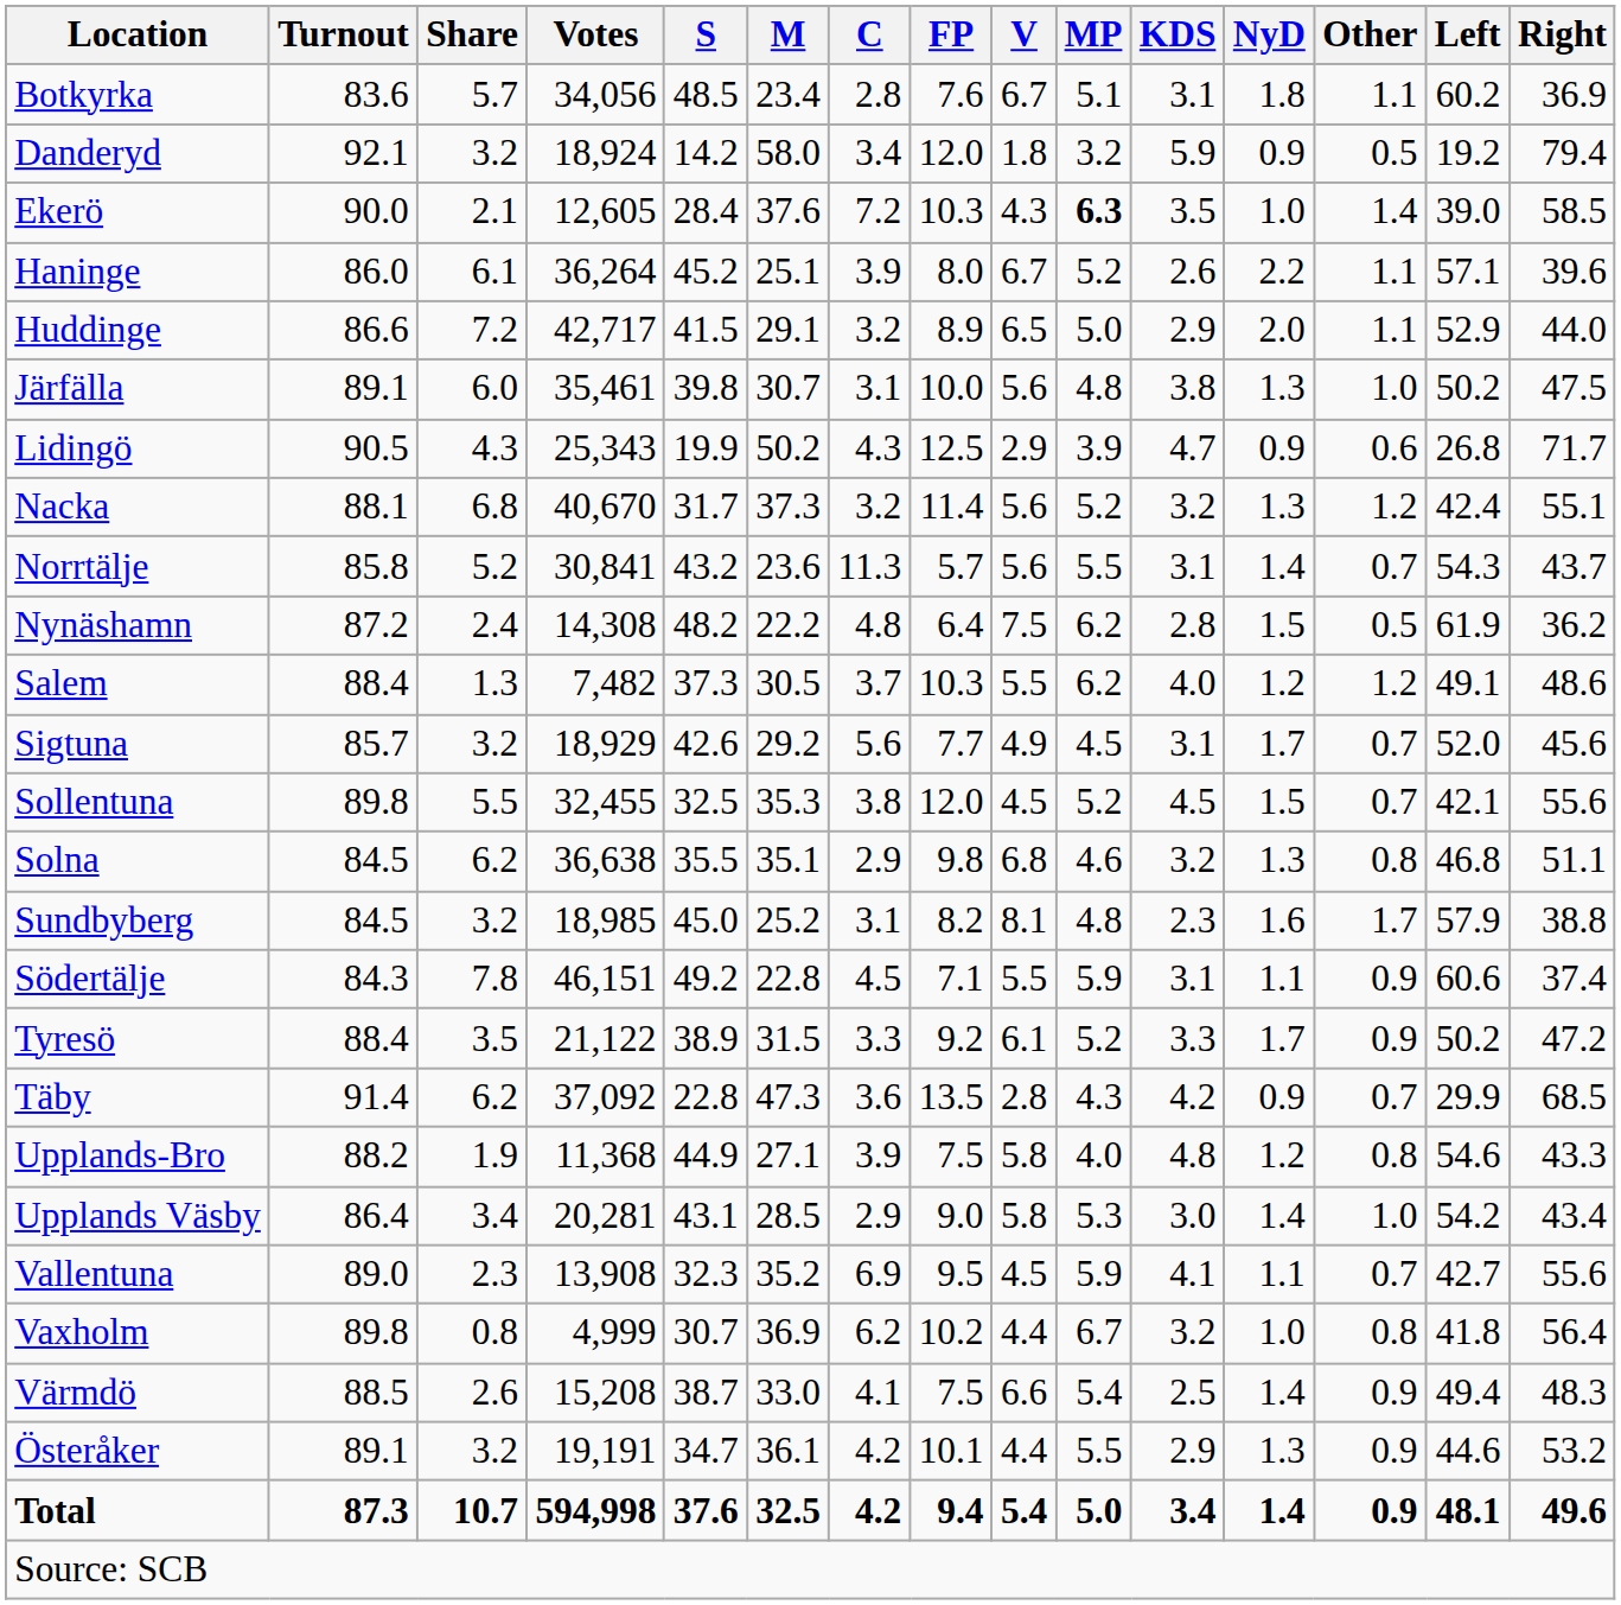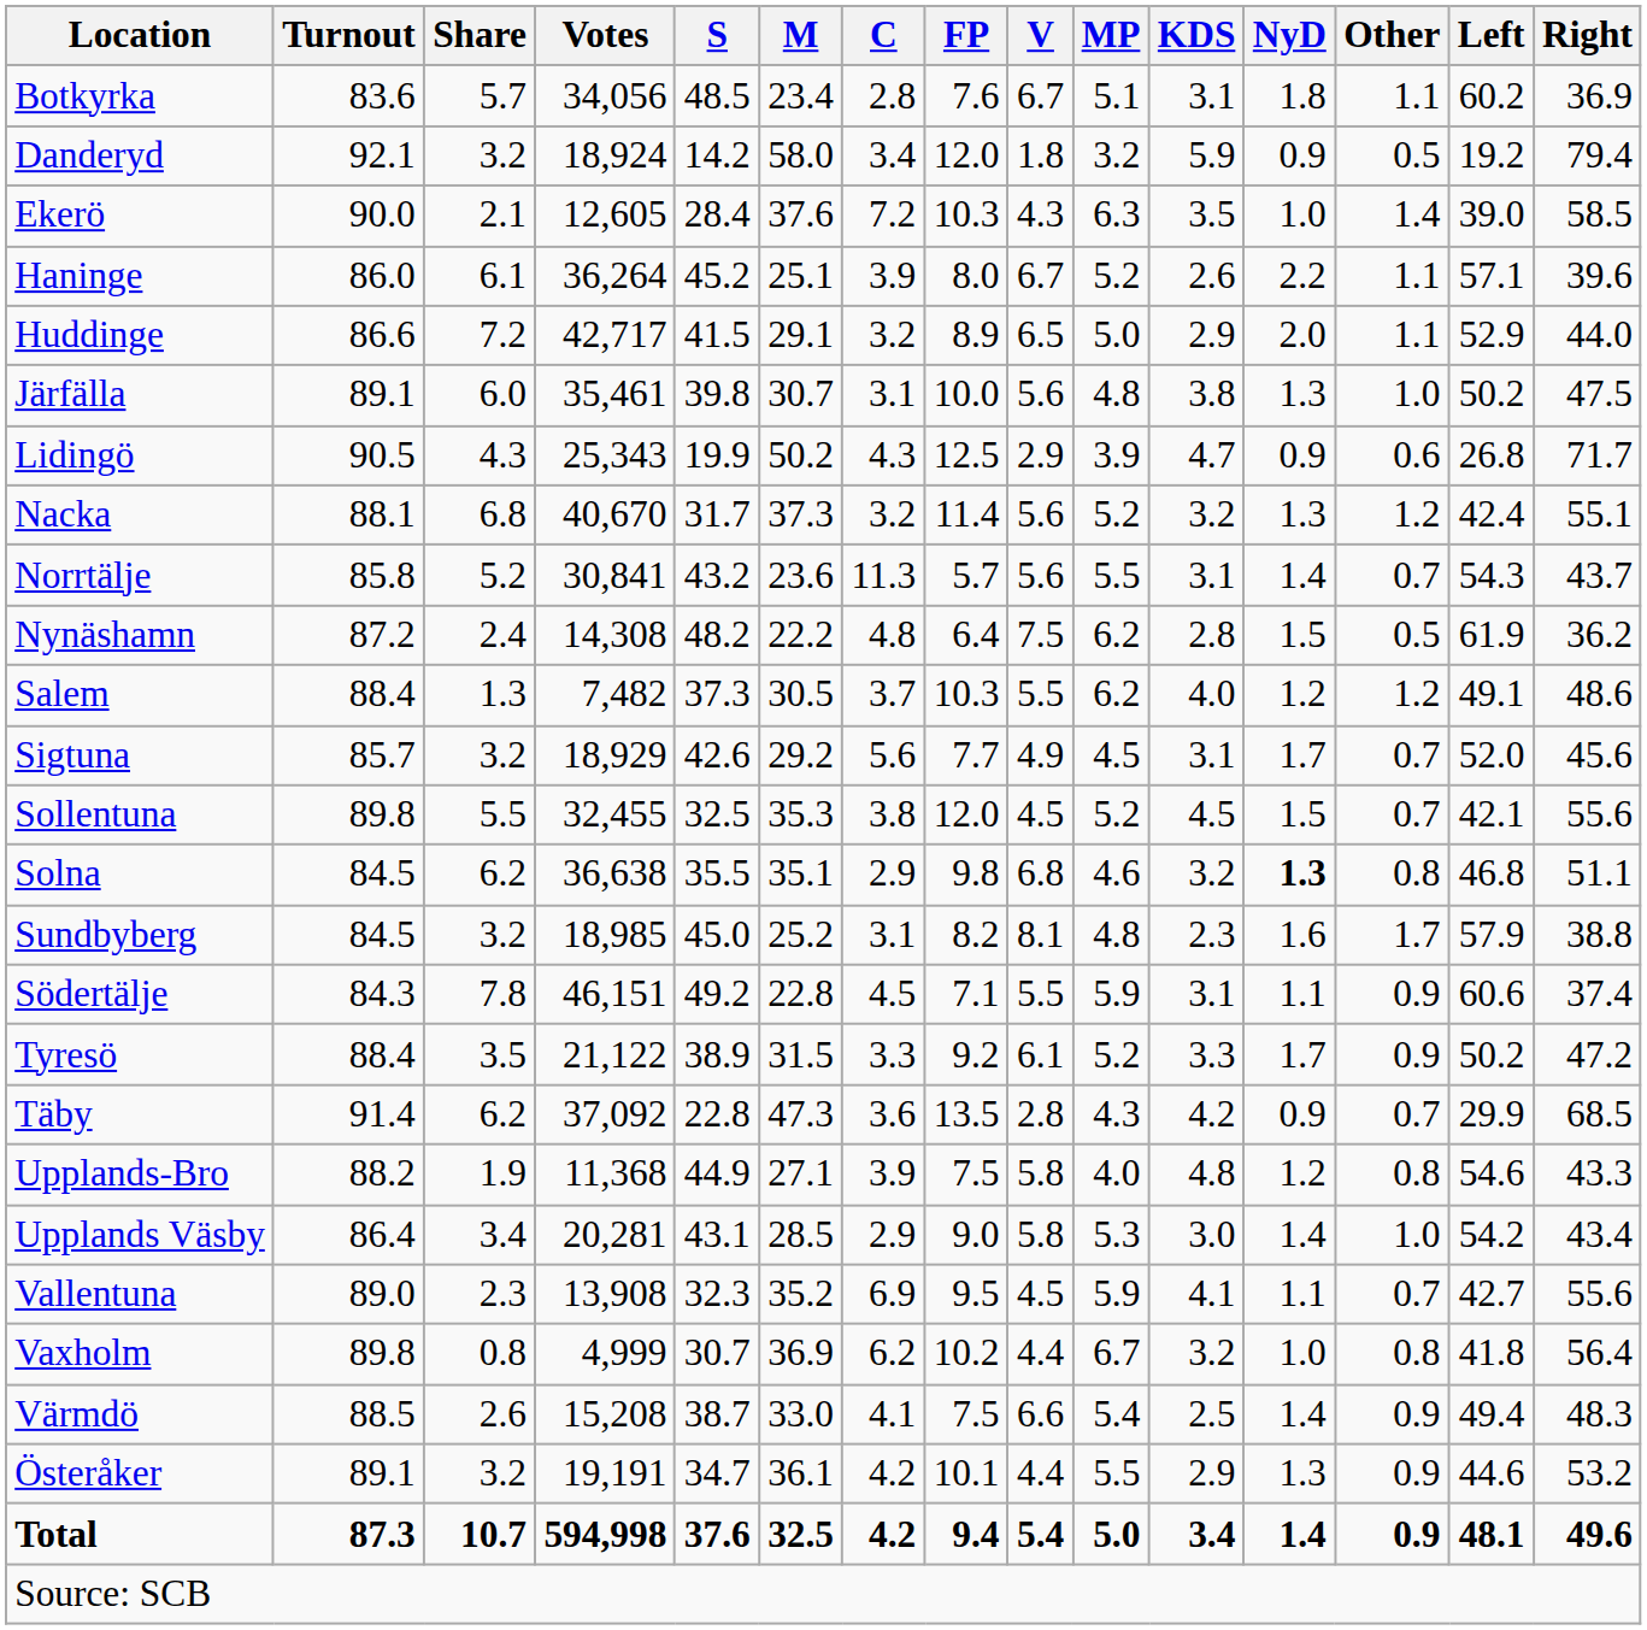 <table class="wikitable sortable" style=text-align:right>
 <tr>
 <th>Location</th>
 <th>Turnout</th>
 <th>Share</th>
 <th>Votes</th>
 <th><a href='#'>S</a></th>
 <th><a href='#'>M</a></th>
 <th><a href='#'>C</a></th>
 <th><a href='#'>FP</a></th>
 <th><a href='#'>V</a></th>
 <th><a href='#'>MP</a></th>
 <th><a href='#'>KDS</a></th>
 <th><a href='#'>NyD</a></th>
 <th>Other</th>
 <th>Left</th>
 <th>Right</th>
 </tr>
 <tr>
 <td align=left><a href='#'>Botkyrka</a></td>
 <td>83.6</td>
 <td>5.7</td>
 <td>34,056</td>
 <td>48.5</td>
 <td>23.4</td>
 <td>2.8</td>
 <td>7.6</td>
 <td>6.7</td>
 <td>5.1</td>
 <td>3.1</td>
 <td>1.8</td>
 <td>1.1</td>
 <td>60.2</td>
 <td>36.9</td>
 </tr>
 <tr>
 <td align=left><a href='#'>Danderyd</a></td>
 <td>92.1</td>
 <td>3.2</td>
 <td>18,924</td>
 <td>14.2</td>
 <td>58.0</td>
 <td>3.4</td>
 <td>12.0</td>
 <td>1.8</td>
 <td>3.2</td>
 <td>5.9</td>
 <td>0.9</td>
 <td>0.5</td>
 <td>19.2</td>
 <td>79.4</td>
 </tr>
 <tr>
 <td align=left><a href='#'>Ekerö</a></td>
 <td>90.0</td>
 <td>2.1</td>
 <td>12,605</td>
 <td>28.4</td>
 <td>37.6</td>
 <td>7.2</td>
 <td>10.3</td>
 <td>4.3</td>
-<td><strong>6.3</strong></td>
+<td>6.3</td>
 <td>3.5</td>
 <td>1.0</td>
 <td>1.4</td>
 <td>39.0</td>
 <td>58.5</td>
 </tr>
 <tr>
 <td align=left><a href='#'>Haninge</a></td>
 <td>86.0</td>
 <td>6.1</td>
 <td>36,264</td>
 <td>45.2</td>
 <td>25.1</td>
 <td>3.9</td>
 <td>8.0</td>
 <td>6.7</td>
 <td>5.2</td>
 <td>2.6</td>
 <td>2.2</td>
 <td>1.1</td>
 <td>57.1</td>
 <td>39.6</td>
 </tr>
 <tr>
 <td align=left><a href='#'>Huddinge</a></td>
 <td>86.6</td>
 <td>7.2</td>
 <td>42,717</td>
 <td>41.5</td>
 <td>29.1</td>
 <td>3.2</td>
 <td>8.9</td>
 <td>6.5</td>
 <td>5.0</td>
 <td>2.9</td>
 <td>2.0</td>
 <td>1.1</td>
 <td>52.9</td>
 <td>44.0</td>
 </tr>
 <tr>
 <td align=left><a href='#'>Järfälla</a></td>
 <td>89.1</td>
 <td>6.0</td>
 <td>35,461</td>
 <td>39.8</td>
 <td>30.7</td>
 <td>3.1</td>
 <td>10.0</td>
 <td>5.6</td>
 <td>4.8</td>
 <td>3.8</td>
 <td>1.3</td>
 <td>1.0</td>
 <td>50.2</td>
 <td>47.5</td>
 </tr>
 <tr>
 <td align=left><a href='#'>Lidingö</a></td>
 <td>90.5</td>
 <td>4.3</td>
 <td>25,343</td>
 <td>19.9</td>
 <td>50.2</td>
 <td>4.3</td>
 <td>12.5</td>
 <td>2.9</td>
 <td>3.9</td>
 <td>4.7</td>
 <td>0.9</td>
 <td>0.6</td>
 <td>26.8</td>
 <td>71.7</td>
 </tr>
 <tr>
 <td align=left><a href='#'>Nacka</a></td>
 <td>88.1</td>
 <td>6.8</td>
 <td>40,670</td>
 <td>31.7</td>
 <td>37.3</td>
 <td>3.2</td>
 <td>11.4</td>
 <td>5.6</td>
 <td>5.2</td>
 <td>3.2</td>
 <td>1.3</td>
 <td>1.2</td>
 <td>42.4</td>
 <td>55.1</td>
 </tr>
 <tr>
 <td align=left><a href='#'>Norrtälje</a></td>
 <td>85.8</td>
 <td>5.2</td>
 <td>30,841</td>
 <td>43.2</td>
 <td>23.6</td>
 <td>11.3</td>
 <td>5.7</td>
 <td>5.6</td>
 <td>5.5</td>
 <td>3.1</td>
 <td>1.4</td>
 <td>0.7</td>
 <td>54.3</td>
 <td>43.7</td>
 </tr>
 <tr>
 <td align=left><a href='#'>Nynäshamn</a></td>
 <td>87.2</td>
 <td>2.4</td>
 <td>14,308</td>
 <td>48.2</td>
 <td>22.2</td>
 <td>4.8</td>
 <td>6.4</td>
 <td>7.5</td>
 <td>6.2</td>
 <td>2.8</td>
 <td>1.5</td>
 <td>0.5</td>
 <td>61.9</td>
 <td>36.2</td>
 </tr>
 <tr>
 <td align=left><a href='#'>Salem</a></td>
 <td>88.4</td>
 <td>1.3</td>
 <td>7,482</td>
 <td>37.3</td>
 <td>30.5</td>
 <td>3.7</td>
 <td>10.3</td>
 <td>5.5</td>
 <td>6.2</td>
 <td>4.0</td>
 <td>1.2</td>
 <td>1.2</td>
 <td>49.1</td>
 <td>48.6</td>
 </tr>
 <tr>
 <td align=left><a href='#'>Sigtuna</a></td>
 <td>85.7</td>
 <td>3.2</td>
 <td>18,929</td>
 <td>42.6</td>
 <td>29.2</td>
 <td>5.6</td>
 <td>7.7</td>
 <td>4.9</td>
 <td>4.5</td>
 <td>3.1</td>
 <td>1.7</td>
 <td>0.7</td>
 <td>52.0</td>
 <td>45.6</td>
 </tr>
 <tr>
 <td align=left><a href='#'>Sollentuna</a></td>
 <td>89.8</td>
 <td>5.5</td>
 <td>32,455</td>
 <td>32.5</td>
 <td>35.3</td>
 <td>3.8</td>
 <td>12.0</td>
 <td>4.5</td>
 <td>5.2</td>
 <td>4.5</td>
 <td>1.5</td>
 <td>0.7</td>
 <td>42.1</td>
 <td>55.6</td>
 </tr>
 <tr>
 <td align=left><a href='#'>Solna</a></td>
 <td>84.5</td>
 <td>6.2</td>
 <td>36,638</td>
 <td>35.5</td>
 <td>35.1</td>
 <td>2.9</td>
 <td>9.8</td>
 <td>6.8</td>
 <td>4.6</td>
 <td>3.2</td>
-<td>1.3</td>
+<td><strong>1.3</strong></td>
 <td>0.8</td>
 <td>46.8</td>
 <td>51.1</td>
 </tr>
 <tr>
 <td align=left><a href='#'>Sundbyberg</a></td>
 <td>84.5</td>
 <td>3.2</td>
 <td>18,985</td>
 <td>45.0</td>
 <td>25.2</td>
 <td>3.1</td>
 <td>8.2</td>
 <td>8.1</td>
 <td>4.8</td>
 <td>2.3</td>
 <td>1.6</td>
 <td>1.7</td>
 <td>57.9</td>
 <td>38.8</td>
 </tr>
 <tr>
 <td align=left><a href='#'>Södertälje</a></td>
 <td>84.3</td>
 <td>7.8</td>
 <td>46,151</td>
 <td>49.2</td>
 <td>22.8</td>
 <td>4.5</td>
 <td>7.1</td>
 <td>5.5</td>
 <td>5.9</td>
 <td>3.1</td>
 <td>1.1</td>
 <td>0.9</td>
 <td>60.6</td>
 <td>37.4</td>
 </tr>
 <tr>
 <td align=left><a href='#'>Tyresö</a></td>
 <td>88.4</td>
 <td>3.5</td>
 <td>21,122</td>
 <td>38.9</td>
 <td>31.5</td>
 <td>3.3</td>
 <td>9.2</td>
 <td>6.1</td>
 <td>5.2</td>
 <td>3.3</td>
 <td>1.7</td>
 <td>0.9</td>
 <td>50.2</td>
 <td>47.2</td>
 </tr>
 <tr>
 <td align=left><a href='#'>Täby</a></td>
 <td>91.4</td>
 <td>6.2</td>
 <td>37,092</td>
 <td>22.8</td>
 <td>47.3</td>
 <td>3.6</td>
 <td>13.5</td>
 <td>2.8</td>
 <td>4.3</td>
 <td>4.2</td>
 <td>0.9</td>
 <td>0.7</td>
 <td>29.9</td>
 <td>68.5</td>
 </tr>
 <tr>
 <td align=left><a href='#'>Upplands-Bro</a></td>
 <td>88.2</td>
 <td>1.9</td>
 <td>11,368</td>
 <td>44.9</td>
 <td>27.1</td>
 <td>3.9</td>
 <td>7.5</td>
 <td>5.8</td>
 <td>4.0</td>
 <td>4.8</td>
 <td>1.2</td>
 <td>0.8</td>
 <td>54.6</td>
 <td>43.3</td>
 </tr>
 <tr>
 <td align=left><a href='#'>Upplands Väsby</a></td>
 <td>86.4</td>
 <td>3.4</td>
 <td>20,281</td>
 <td>43.1</td>
 <td>28.5</td>
 <td>2.9</td>
 <td>9.0</td>
 <td>5.8</td>
 <td>5.3</td>
 <td>3.0</td>
 <td>1.4</td>
 <td>1.0</td>
 <td>54.2</td>
 <td>43.4</td>
 </tr>
 <tr>
 <td align=left><a href='#'>Vallentuna</a></td>
 <td>89.0</td>
 <td>2.3</td>
 <td>13,908</td>
 <td>32.3</td>
 <td>35.2</td>
 <td>6.9</td>
 <td>9.5</td>
 <td>4.5</td>
 <td>5.9</td>
 <td>4.1</td>
 <td>1.1</td>
 <td>0.7</td>
 <td>42.7</td>
 <td>55.6</td>
 </tr>
 <tr>
 <td align=left><a href='#'>Vaxholm</a></td>
 <td>89.8</td>
 <td>0.8</td>
 <td>4,999</td>
 <td>30.7</td>
 <td>36.9</td>
 <td>6.2</td>
 <td>10.2</td>
 <td>4.4</td>
 <td>6.7</td>
 <td>3.2</td>
 <td>1.0</td>
 <td>0.8</td>
 <td>41.8</td>
 <td>56.4</td>
 </tr>
 <tr>
 <td align=left><a href='#'>Värmdö</a></td>
 <td>88.5</td>
 <td>2.6</td>
 <td>15,208</td>
 <td>38.7</td>
 <td>33.0</td>
 <td>4.1</td>
 <td>7.5</td>
 <td>6.6</td>
 <td>5.4</td>
 <td>2.5</td>
 <td>1.4</td>
 <td>0.9</td>
 <td>49.4</td>
 <td>48.3</td>
 </tr>
 <tr>
 <td align=left><a href='#'>Österåker</a></td>
 <td>89.1</td>
 <td>3.2</td>
 <td>19,191</td>
 <td>34.7</td>
 <td>36.1</td>
 <td>4.2</td>
 <td>10.1</td>
 <td>4.4</td>
 <td>5.5</td>
 <td>2.9</td>
 <td>1.3</td>
 <td>0.9</td>
 <td>44.6</td>
 <td>53.2</td>
 </tr>
 <tr>
 <td align=left><strong>Total</strong></td>
 <td><strong>87.3</strong></td>
 <td><strong>10.7</strong></td>
 <td><strong>594,998</strong></td>
 <td><strong>37.6</strong></td>
 <td><strong>32.5</strong></td>
 <td><strong>4.2</strong></td>
 <td><strong>9.4</strong></td>
 <td><strong>5.4</strong></td>
 <td><strong>5.0</strong></td>
 <td><strong>3.4</strong></td>
 <td><strong>1.4</strong></td>
 <td><strong>0.9</strong></td>
 <td><strong>48.1</strong></td>
 <td><strong>49.6</strong></td>
 </tr>
 <tr>
 <td align=left colspan=15>Source: SCB </td>
 </tr>
 </table>
